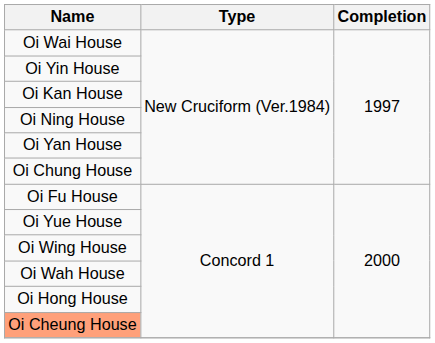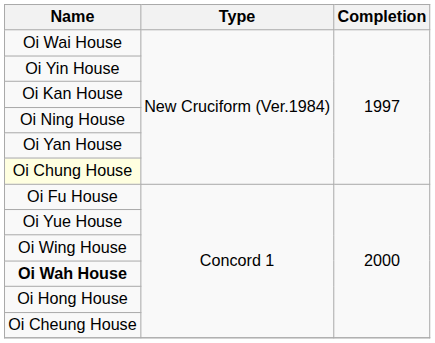 <table class="wikitable" style="text-align: center">
 <tr>
 <th>Name</th>
 <th>Type</th>
 <th>Completion</th>
 </tr>
 <tr>
 <td>Oi Wai House</td>
 <td rowspan="6">New Cruciform (Ver.1984)</td>
 <td rowspan="6">1997</td>
 </tr>
 <tr>
 <td>Oi Yin House</td>
 </tr>
 <tr>
 <td>Oi Kan House</td>
 </tr>
 <tr>
 <td>Oi Ning House</td>
 </tr>
 <tr>
 <td>Oi Yan House</td>
 </tr>
 <tr>
-<td>Oi Chung House</td>
+<td style="background: lightyellow;">Oi Chung House</td>
 </tr>
 <tr>
 <td>Oi Fu House</td>
 <td rowspan="6">Concord 1</td>
 <td rowspan="6">2000</td>
 </tr>
 <tr>
 <td>Oi Yue House</td>
 </tr>
 <tr>
 <td>Oi Wing House</td>
 </tr>
 <tr>
-<td>Oi Wah House</td>
+<td><strong>Oi Wah House</strong></td>
 </tr>
 <tr>
 <td>Oi Hong House</td>
 </tr>
 <tr>
-<td style="background: lightsalmon;">Oi Cheung House</td>
+<td>Oi Cheung House</td>
 </tr>
 <tr>
 </tr>
 </table>
